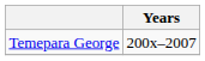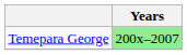 <table class="wikitable collapsible">
 <tr>
 <th></th>
 <th>Years</th>
 </tr>
 <tr>
 <td><a href='#'>Temepara George</a></td>
-<td>200x–2007</td>
+<td style="background: lightgreen;">200x–2007</td>
 </tr>
 <tr>
 </tr>
 </table>
